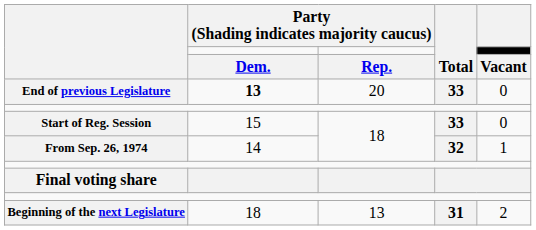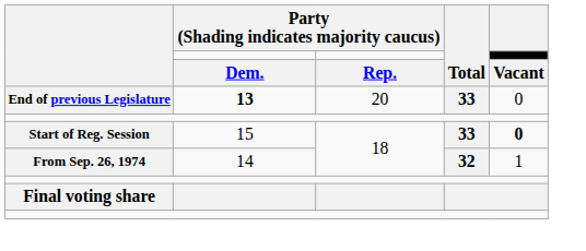 <table class=wikitable style="text-align:center">
 <tr style="vertical-align:bottom;">
 <th rowspan=3></th>
 <th colspan=2>Party <div>(Shading indicates majority caucus)</div></th>
 <th rowspan=3>Total</th>
 <th></th>
 </tr>
 <tr style="height:5px">
 <td style="background-color:"></td>
 <td style="background-color:"></td>
 <td style="background:black;"></td>
 </tr>
 <tr>
 <th><a href='#'>Dem.</a></th>
 <th><a href='#'>Rep.</a></th>
 <th>Vacant</th>
 </tr>
 <tr>
 <th style="font-size:80%;">End of <a href='#'>previous Legislature</a></th>
 <td><strong>13</strong></td>
 <td>20</td>
 <th>33</th>
 <td>0</td>
 </tr>
 <tr>
 <td colspan=5></td>
 </tr>
 <tr>
 <th style="font-size:80%;">Start of Reg. Session</th>
 <td>15</td>
 <td rowspan="2" >18</td>
 <th>33</th>
-<td>0</td>
+<td><strong>0</strong></td>
 </tr>
 <tr>
 <th style="font-size:80%;">From Sep. 26, 1974</th>
 <td>14</td>
 <th>32</th>
 <td>1</td>
 </tr>
 <tr>
 <td colspan=5></td>
 </tr>
 <tr>
 <th>Final voting share</th>
 <th></th>
 <th></th>
 <th colspan=2></th>
 </tr>
 <tr>
 <td colspan=5></td>
 </tr>
-<tr>
-<th style="font-size:80%;">Beginning of the <a href='#'>next Legislature</a></th>
-<td>18</td>
-<td>13</td>
-<th>31</th>
-<td>2</td>
-</tr>
 </table>
